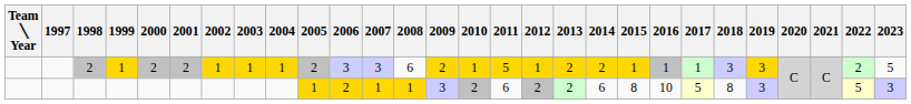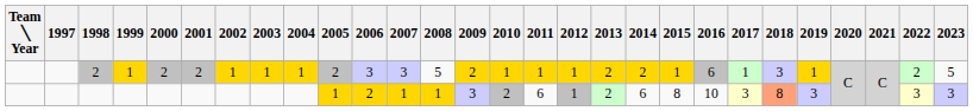 <table class=wikitable style="text-align:center; font-size:90%;">
 <tr>
 <th>Team ╲ Year</th>
 <th>1997</th>
 <th>1998</th>
 <th>1999</th>
 <th>2000</th>
 <th>2001</th>
 <th>2002</th>
 <th>2003</th>
 <th>2004</th>
 <th>2005</th>
 <th>2006</th>
 <th>2007</th>
 <th>2008</th>
 <th>2009</th>
 <th>2010</th>
 <th>2011</th>
 <th>2012</th>
 <th>2013</th>
 <th>2014</th>
 <th>2015</th>
 <th>2016</th>
 <th>2017</th>
 <th>2018</th>
 <th>2019</th>
 <th>2020</th>
 <th>2021</th>
 <th>2022</th>
 <th>2023</th>
 </tr>
 <tr>
 <td align=left><strong></strong></td>
 <td></td>
 <td bgcolor=silver>2</td>
 <td bgcolor=gold>1</td>
 <td bgcolor=silver>2</td>
 <td bgcolor=silver>2</td>
 <td bgcolor=gold>1</td>
 <td bgcolor=gold>1</td>
 <td bgcolor=gold>1</td>
 <td bgcolor=silver>2</td>
 <td bgcolor=ccccff>3</td>
 <td bgcolor=ccccff>3</td>
-<td>6</td>
+<td>5</td>
 <td bgcolor=gold>2</td>
 <td bgcolor=gold>1</td>
-<td bgcolor=gold>5</td>
+<td bgcolor=gold>1</td>
 <td bgcolor=gold>1</td>
 <td bgcolor=gold>2</td>
 <td bgcolor=gold>2</td>
 <td bgcolor=gold>1</td>
-<td bgcolor=silver>1</td>
+<td bgcolor=silver>6</td>
 <td bgcolor=CCFFCC>1</td>
 <td bgcolor=ccccff>3</td>
-<td bgcolor=gold>3</td>
+<td bgcolor=gold>1</td>
 <td bgcolor=D3D3D3 rowspan=3>C</td>
 <td bgcolor=D3D3D3 rowspan=3>C</td>
 <td bgcolor=CCFFCC>2</td>
 <td>5</td>
 </tr>
 <tr>
 <td align=left><strong></strong></td>
 <td></td>
 <td></td>
 <td></td>
 <td></td>
 <td></td>
 <td></td>
 <td></td>
 <td></td>
 <td bgcolor=gold>1</td>
 <td bgcolor=gold>2</td>
 <td bgcolor=gold>1</td>
 <td bgcolor=gold>1</td>
 <td bgcolor=ccccff>3</td>
 <td bgcolor=silver>2</td>
 <td>6</td>
-<td bgcolor=silver>2</td>
+<td bgcolor=silver>1</td>
 <td bgcolor=CCFFCC>2</td>
 <td>6</td>
 <td>8</td>
 <td>10</td>
-<td bgcolor=FFFFCC>5</td>
-<td>8</td>
+<td bgcolor=FFFFCC>3</td>
+<td style="background: lightsalmon;">8</td>
 <td bgcolor=ccccff>3</td>
-<td bgcolor=FFFFCC>5</td>
+<td bgcolor=FFFFCC>3</td>
 <td bgcolor=ccccff>3</td>
 </tr>
 </table>
